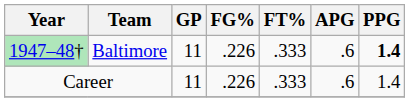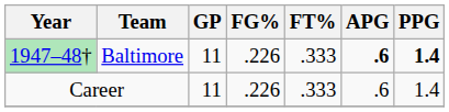 <table class="wikitable sortable" style="font-size:95%; text-align:right;">
 <tr>
 <th>Year</th>
 <th>Team</th>
 <th>GP</th>
 <th>FG%</th>
 <th>FT%</th>
 <th>APG</th>
 <th>PPG</th>
 </tr>
 <tr>
 <td style="text-align:left; background:#afe6ba;"><a href='#'>1947–48</a>†</td>
 <td style="text-align:left;"><a href='#'>Baltimore</a></td>
 <td>11</td>
 <td>.226</td>
 <td>.333</td>
-<td>.6</td>
+<td><strong>.6</strong></td>
 <td><strong>1.4</strong></td>
 </tr>
 <tr>
 <td style="text-align:center;" colspan="2">Career</td>
 <td>11</td>
 <td>.226</td>
 <td>.333</td>
 <td>.6</td>
 <td>1.4</td>
 </tr>
 <tr>
 </tr>
 </table>
